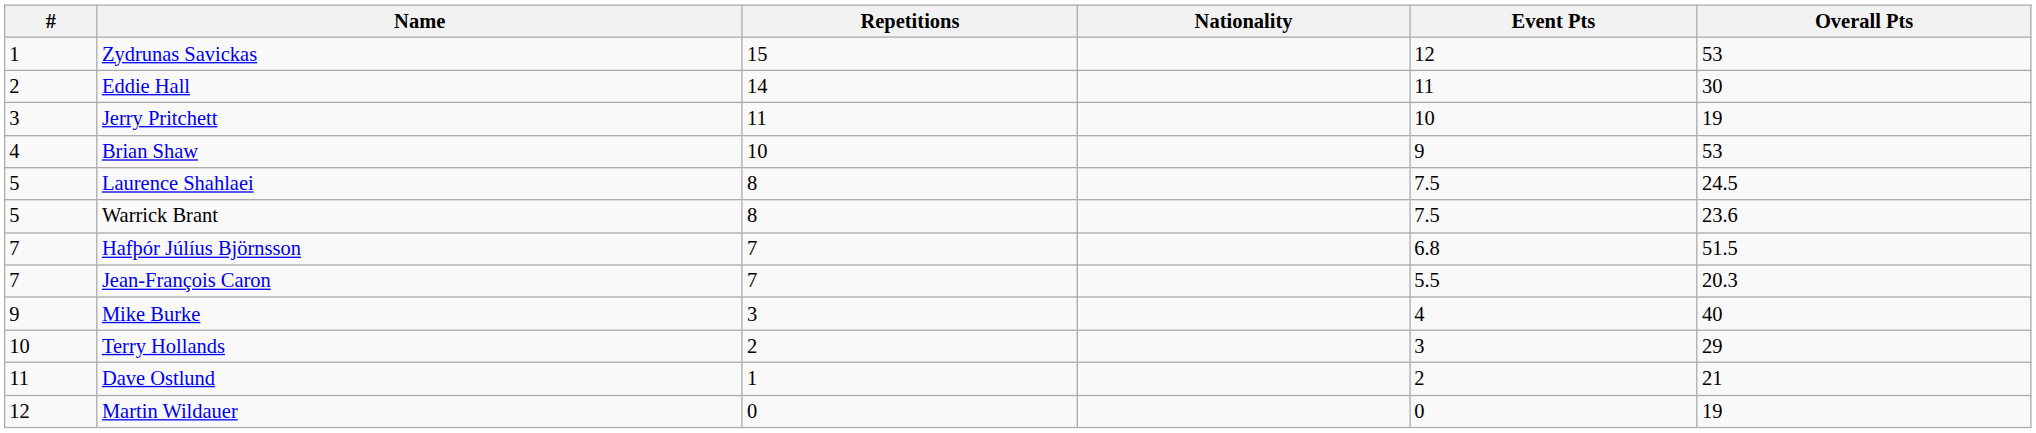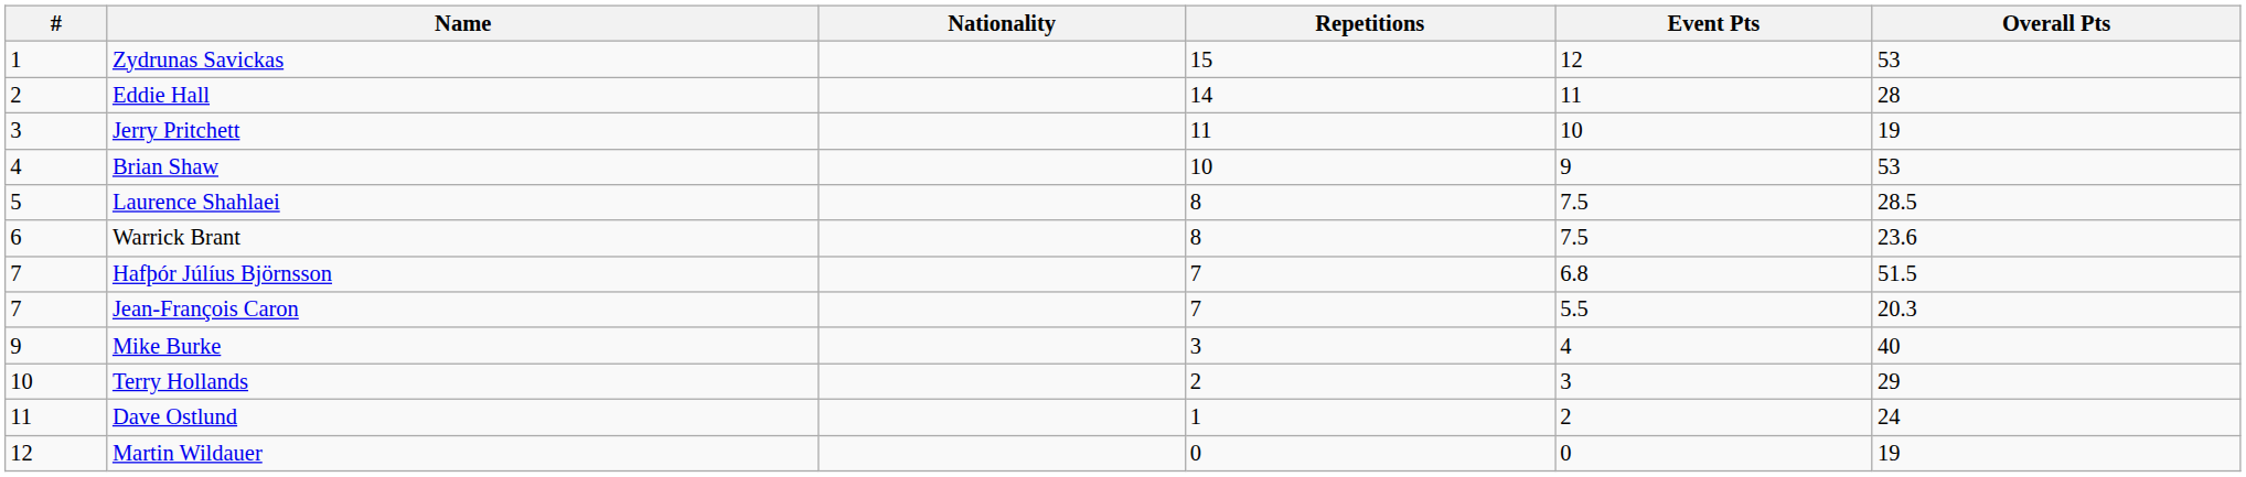 <table class="wikitable sortable" style="display: inline-table; width: 100%;">
 <tr>
 <th>#</th>
 <th>Name</th>
+<th>Nationality</th>
 <th>Repetitions</th>
-<th>Nationality</th>
 <th>Event Pts</th>
 <th>Overall Pts</th>
 </tr>
 <tr>
 <td>1</td>
 <td><a href='#'>Zydrunas Savickas</a></td>
+<td></td>
 <td>15</td>
-<td></td>
 <td>12</td>
 <td>53</td>
 </tr>
 <tr>
 <td>2</td>
 <td><a href='#'>Eddie Hall</a></td>
+<td></td>
 <td>14</td>
-<td></td>
 <td>11</td>
-<td>30</td>
+<td>28</td>
 </tr>
 <tr>
 <td>3</td>
 <td><a href='#'>Jerry Pritchett</a></td>
+<td></td>
 <td>11</td>
-<td></td>
 <td>10</td>
 <td>19</td>
 </tr>
 <tr>
 <td>4</td>
 <td><a href='#'>Brian Shaw</a></td>
+<td></td>
 <td>10</td>
-<td></td>
 <td>9</td>
 <td>53</td>
 </tr>
 <tr>
 <td>5</td>
 <td><a href='#'>Laurence Shahlaei</a></td>
+<td></td>
 <td>8</td>
-<td></td>
 <td>7.5</td>
-<td>24.5</td>
+<td>28.5</td>
 </tr>
 <tr>
-<td>5</td>
+<td>6</td>
 <td>Warrick Brant</td>
+<td></td>
 <td>8</td>
-<td></td>
 <td>7.5</td>
 <td>23.6</td>
 </tr>
 <tr>
 <td>7</td>
 <td><a href='#'>Hafþór Júlíus Björnsson</a></td>
+<td></td>
 <td>7</td>
-<td></td>
 <td>6.8</td>
 <td>51.5</td>
 </tr>
 <tr>
 <td>7</td>
 <td><a href='#'>Jean-François Caron</a></td>
+<td></td>
 <td>7</td>
-<td></td>
 <td>5.5</td>
 <td>20.3</td>
 </tr>
 <tr>
 <td>9</td>
 <td><a href='#'>Mike Burke</a></td>
+<td></td>
 <td>3</td>
-<td></td>
 <td>4</td>
 <td>40</td>
 </tr>
 <tr>
 <td>10</td>
 <td><a href='#'>Terry Hollands</a></td>
+<td></td>
 <td>2</td>
-<td></td>
 <td>3</td>
 <td>29</td>
 </tr>
 <tr>
 <td>11</td>
 <td><a href='#'>Dave Ostlund</a></td>
+<td></td>
 <td>1</td>
-<td></td>
 <td>2</td>
-<td>21</td>
+<td>24</td>
 </tr>
 <tr>
 <td>12</td>
 <td><a href='#'>Martin Wildauer</a></td>
+<td></td>
 <td>0</td>
-<td></td>
 <td>0</td>
 <td>19</td>
 </tr>
 </table>
